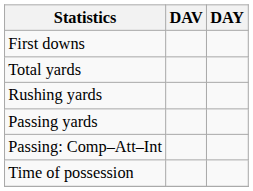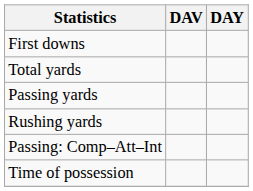 <table class="wikitable" style="float: left;">
 <tr>
 <th>Statistics</th>
 <th>DAV</th>
 <th>DAY</th>
 </tr>
 <tr>
 <td>First downs</td>
 <td></td>
 <td></td>
 </tr>
 <tr>
 <td>Total yards</td>
 <td></td>
 <td></td>
 </tr>
 <tr>
-<td>Rushing yards</td>
+<td>Passing yards</td>
 <td></td>
 <td></td>
 </tr>
 <tr>
-<td>Passing yards</td>
+<td>Rushing yards</td>
 <td></td>
 <td></td>
 </tr>
 <tr>
 <td>Passing: Comp–Att–Int</td>
 <td></td>
 <td></td>
 </tr>
 <tr>
 <td>Time of possession</td>
 <td></td>
 <td></td>
 </tr>
 <tr>
 </tr>
 </table>
